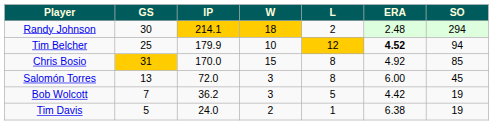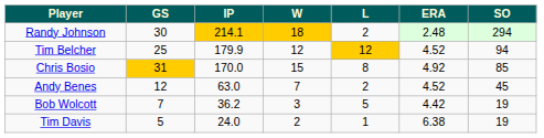 <table class="wikitable sortable">
 <tr>
 <th style=" background:#005c5c; color:#FFFDDD;" width="16%">Player</th>
 <th style=" background:#005c5c; color:#FFFDDD;" width="9%">GS</th>
 <th style=" background:#005c5c; color:#FFFDDD;" width="9%">IP</th>
 <th style=" background:#005c5c; color:#FFFDDD;" width="9%">W</th>
 <th style=" background:#005c5c; color:#FFFDDD;" width="9%">L</th>
 <th style=" background:#005c5c; color:#FFFDDD;" width="9%">ERA</th>
 <th style=" background:#005c5c; color:#FFFDDD;" width="9%">SO</th>
 </tr>
 <tr align="center">
 <td><a href='#'>Randy Johnson</a></td>
 <td>30</td>
 <td bgcolor="FFCC00">214.1</td>
 <td bgcolor="FFCC00">18</td>
 <td>2</td>
 <td style="background:#DDFFDD;">2.48</td>
 <td style="background:#DDFFDD;">294</td>
 </tr>
 <tr align="center">
 <td><a href='#'>Tim Belcher</a></td>
 <td>25</td>
 <td>179.9</td>
-<td>10</td>
+<td>12</td>
 <td bgcolor="#FFCC00">12</td>
-<td><strong>4.52</strong></td>
+<td>4.52</td>
 <td>94</td>
 </tr>
 <tr align="center">
 <td><a href='#'>Chris Bosio</a></td>
 <td bgcolor="FFCC00">31</td>
 <td>170.0</td>
 <td>15</td>
 <td>8</td>
 <td>4.92</td>
 <td>85</td>
 </tr>
 <tr align="center">
-<td><a href='#'>Salomón Torres</a></td>
-<td>13</td>
-<td>72.0</td>
-<td>3</td>
-<td>8</td>
-<td>6.00</td>
+<td><a href='#'>Andy Benes</a></td>
+<td>12</td>
+<td>63.0</td>
+<td>7</td>
+<td>2</td>
+<td>4.52</td>
 <td>45</td>
 </tr>
 <tr align=center>
 <td><a href='#'>Bob Wolcott</a></td>
 <td>7</td>
 <td>36.2</td>
 <td>3</td>
 <td>5</td>
 <td>4.42</td>
 <td>19</td>
 </tr>
 <tr align=center>
 <td><a href='#'>Tim Davis</a></td>
 <td>5</td>
 <td>24.0</td>
 <td>2</td>
 <td>1</td>
 <td>6.38</td>
 <td>19</td>
 </tr>
 </table>
